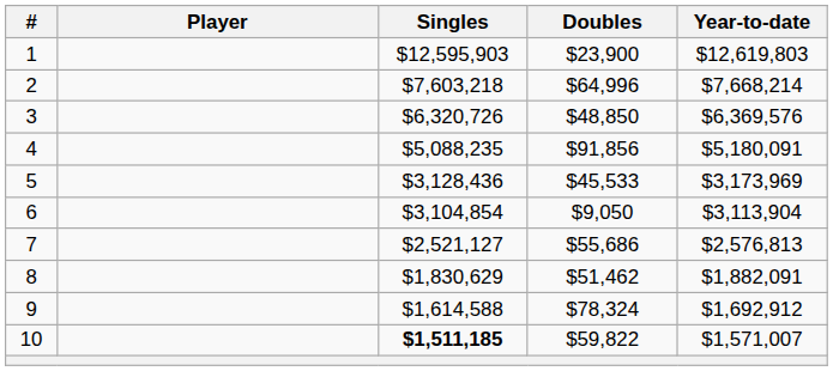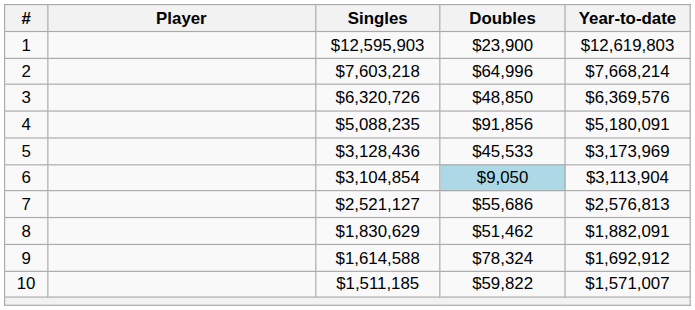 <table class="sortable wikitable" style="font-size:90%">
 <tr>
 <th style="width:30px;">#</th>
 <th style="width:222px;">Player</th>
 <th style="width:100px;">Singles</th>
 <th style="width:100px;">Doubles</th>
 <th style="width:100px;">Year-to-date</th>
 </tr>
 <tr style="text-align:center;">
 <td>1</td>
 <td style="text-align:left;"></td>
 <td>$12,595,903</td>
 <td>$23,900</td>
 <td>$12,619,803</td>
 </tr>
 <tr style="text-align:center;">
 <td>2</td>
 <td style="text-align:left;"></td>
 <td>$7,603,218</td>
 <td>$64,996</td>
 <td>$7,668,214</td>
 </tr>
 <tr style="text-align:center;">
 <td>3</td>
 <td style="text-align:left;"></td>
 <td>$6,320,726</td>
 <td>$48,850</td>
 <td>$6,369,576</td>
 </tr>
 <tr style="text-align:center;">
 <td>4</td>
 <td style="text-align:left;"></td>
 <td>$5,088,235</td>
 <td>$91,856</td>
 <td>$5,180,091</td>
 </tr>
 <tr style="text-align:center;">
 <td>5</td>
 <td style="text-align:left;"></td>
 <td>$3,128,436</td>
 <td>$45,533</td>
 <td>$3,173,969</td>
 </tr>
 <tr style="text-align:center;">
 <td>6</td>
 <td style="text-align:left;"></td>
 <td>$3,104,854</td>
-<td>$9,050</td>
+<td style="background: lightblue;">$9,050</td>
 <td>$3,113,904</td>
 </tr>
 <tr style="text-align:center;">
 <td>7</td>
 <td style="text-align:left;"></td>
 <td>$2,521,127</td>
 <td>$55,686</td>
 <td>$2,576,813</td>
 </tr>
 <tr style="text-align:center;">
 <td>8</td>
 <td style="text-align:left;"></td>
 <td>$1,830,629</td>
 <td>$51,462</td>
 <td>$1,882,091</td>
 </tr>
 <tr style="text-align:center;">
 <td>9</td>
 <td style="text-align:left;"></td>
 <td>$1,614,588</td>
 <td>$78,324</td>
 <td>$1,692,912</td>
 </tr>
 <tr style="text-align:center;">
 <td>10</td>
 <td style="text-align:left;"></td>
-<td><strong>$1,511,185</strong></td>
+<td>$1,511,185</td>
 <td>$59,822</td>
 <td>$1,571,007</td>
 </tr>
 <tr class="sortbottom">
 <th colspan=6></th>
 </tr>
 </table>
